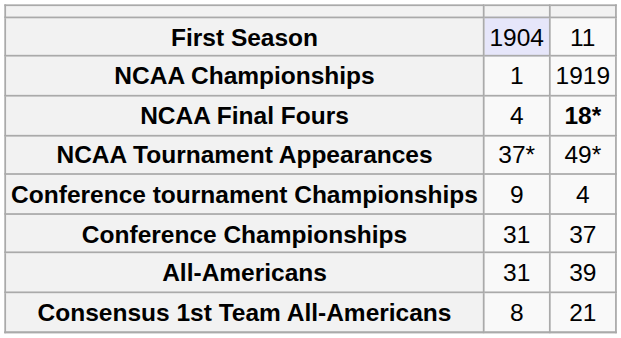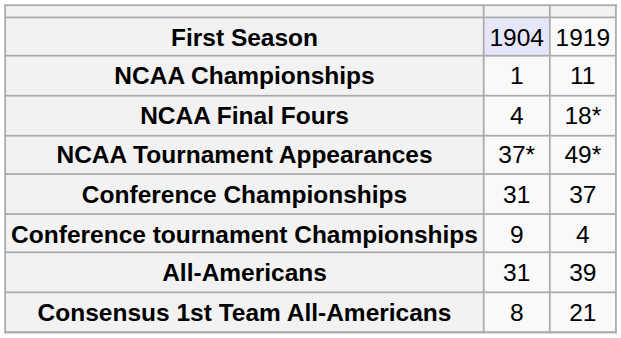 <table class="wikitable" style="float:right; clear:right; margin-left:1em; font-size:88%;">
 <tr>
 <th></th>
 <th><a href='#'></a></th>
 <th><a href='#'></a></th>
 </tr>
 <tr>
 <th scope=row>First Season</th>
 <td align=center style="background: lavender;">1904</td>
-<td align=center>11</td>
+<td align=center>1919</td>
 </tr>
 <tr>
 <th scope=row>NCAA Championships</th>
 <td align=center>1</td>
-<td align=center>1919</td>
+<td align=center>11</td>
 </tr>
 <tr>
 <th scope=row>NCAA Final Fours</th>
 <td align=center>4</td>
-<td align=center><strong>18*</strong></td>
+<td align=center>18*</td>
 </tr>
 <tr>
 <th scope=row>NCAA Tournament Appearances</th>
 <td align=center>37*</td>
 <td align=center>49*</td>
 </tr>
 <tr>
+<th scope=row>Conference Championships</th>
+<td align=center>31</td>
+<td align=center>37</td>
+</tr>
+<tr>
 <th scope=row>Conference tournament Championships</th>
 <td align=center>9</td>
 <td align=center>4</td>
-</tr>
-<tr>
-<th scope=row>Conference Championships</th>
-<td align=center>31</td>
-<td align=center>37</td>
 </tr>
 <tr>
 <th scope=row>All-Americans</th>
 <td align=center>31</td>
 <td align=center>39</td>
 </tr>
 <tr>
 <th scope=row>Consensus 1st Team All-Americans</th>
 <td align=center>8</td>
 <td align=center>21</td>
 </tr>
 <tr>
 </tr>
 </table>
